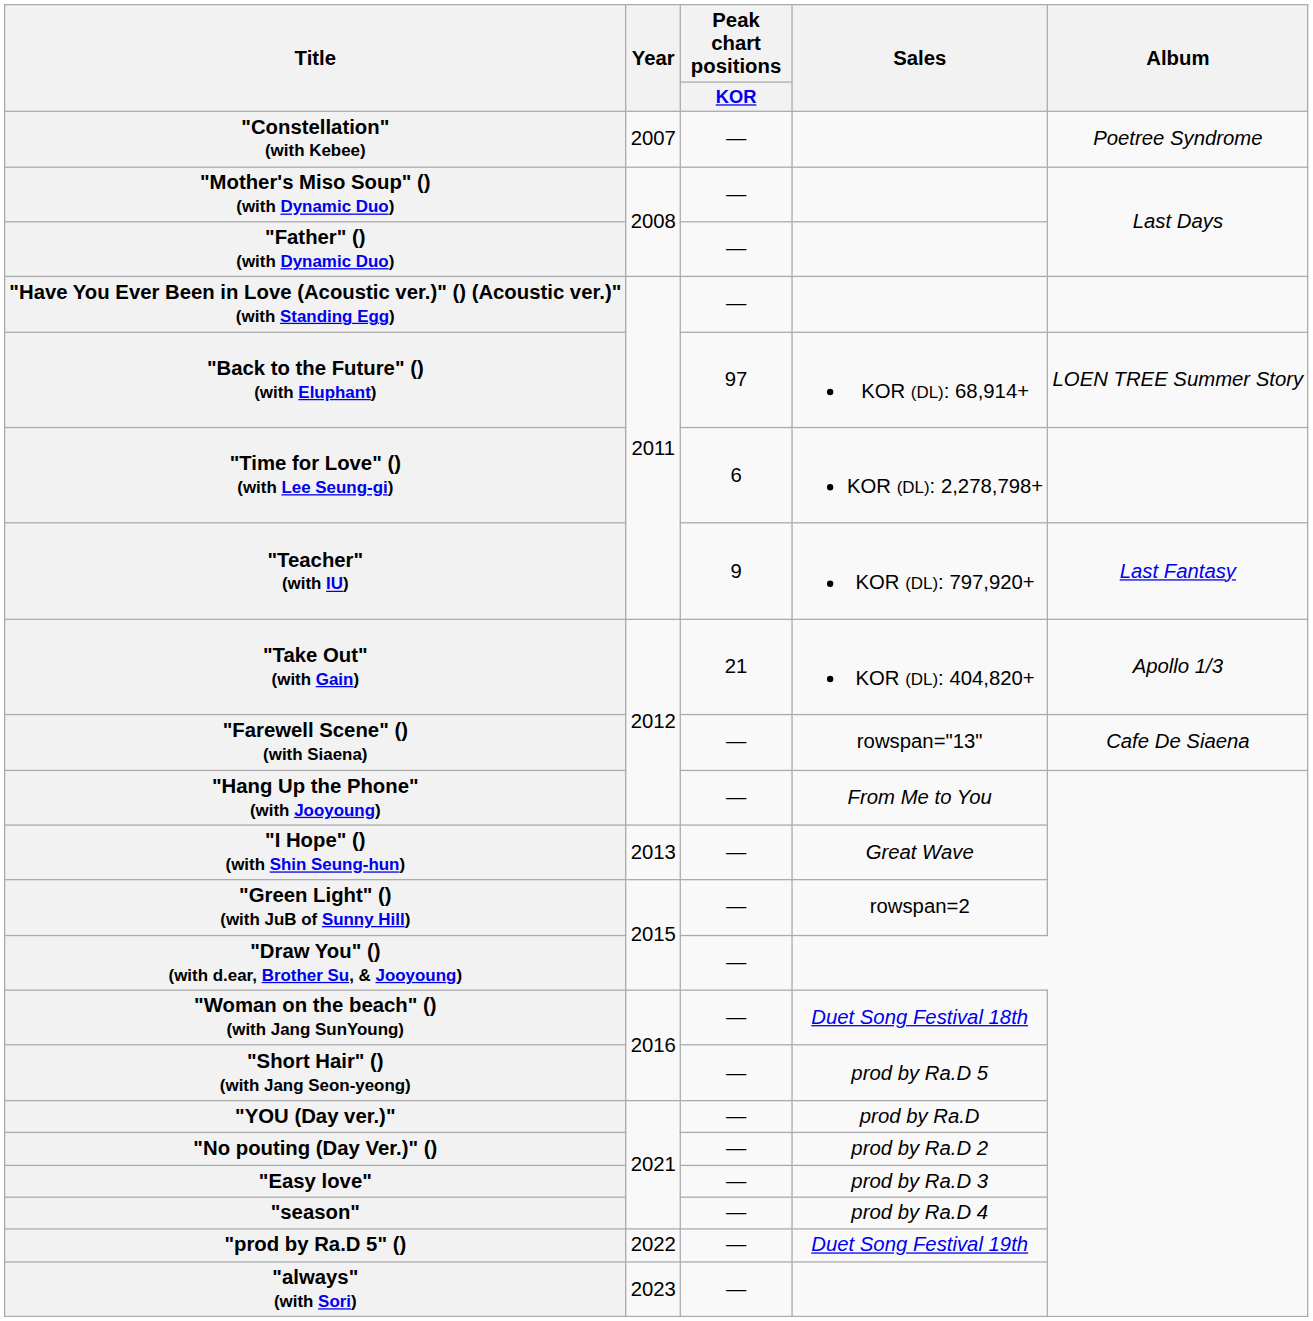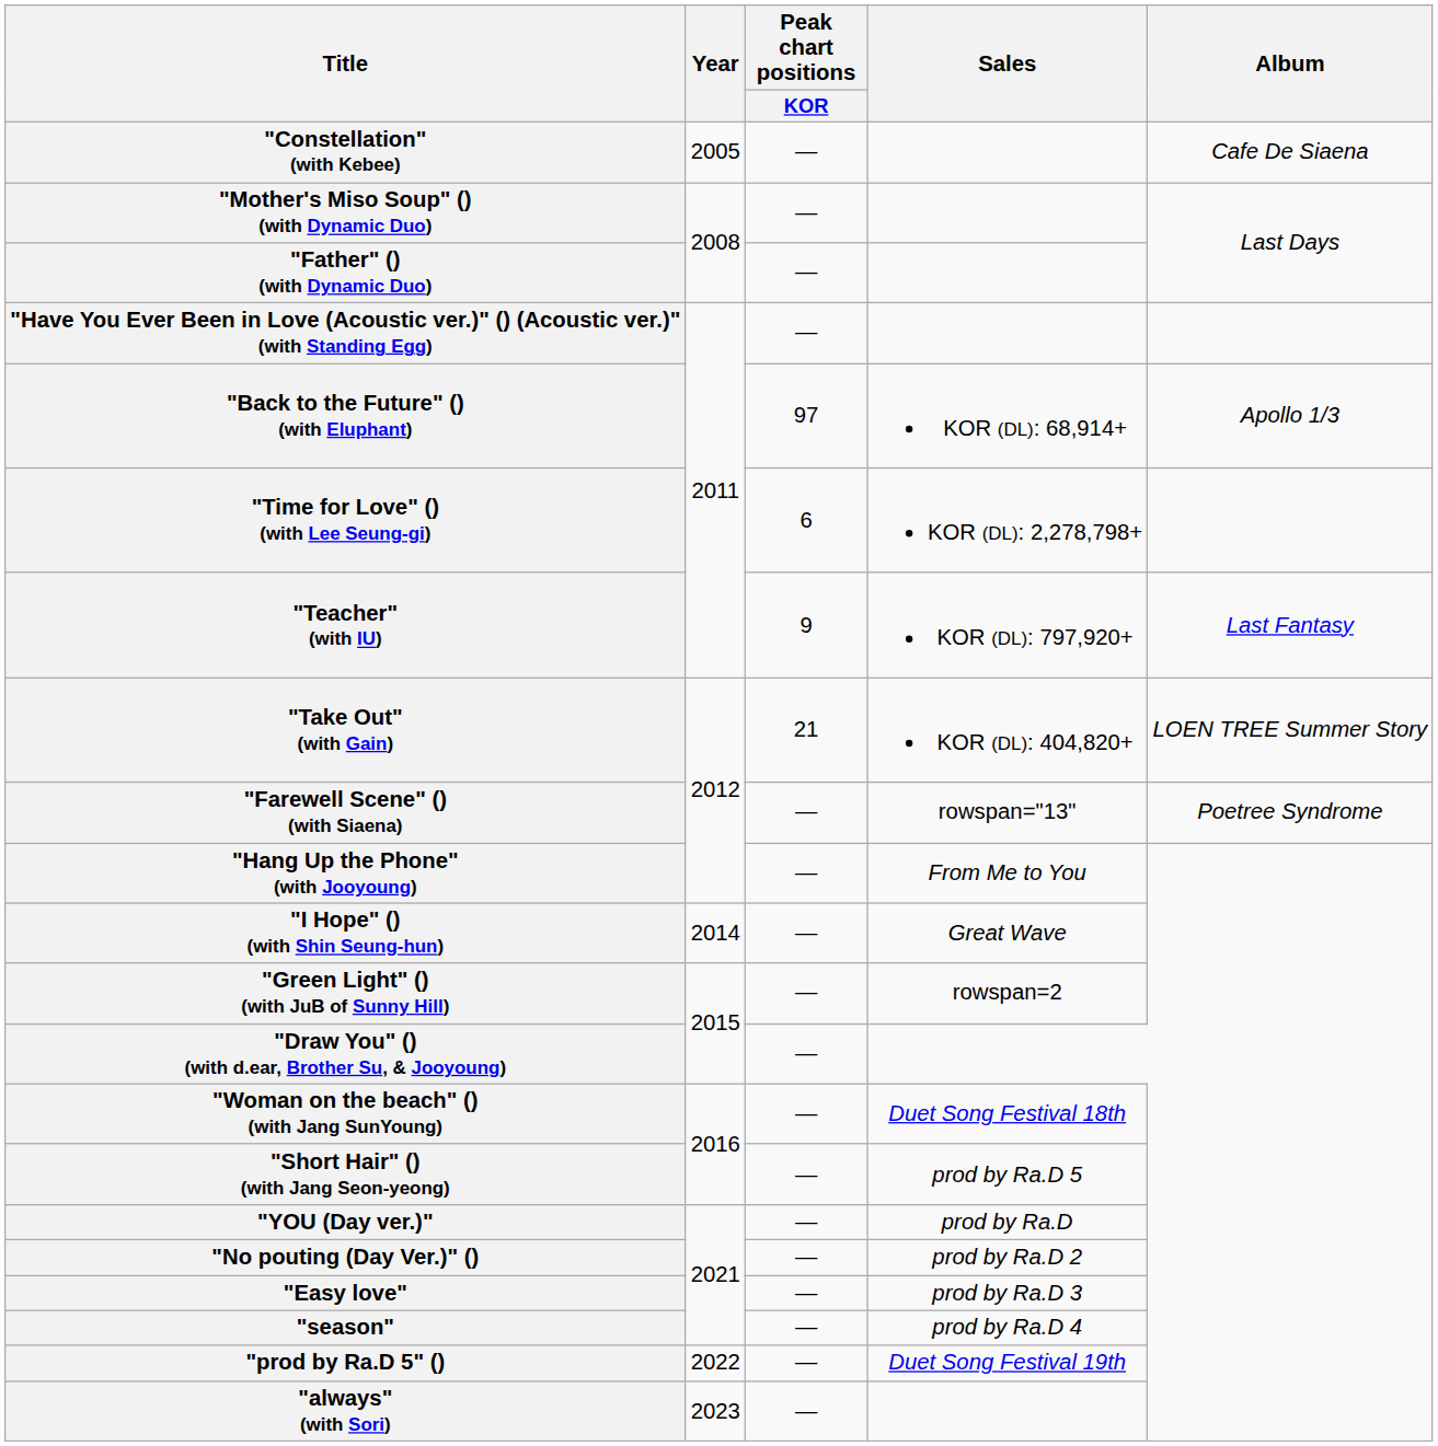 <table class="wikitable plainrowheaders" style="text-align:center;">
 <tr>
 <th scope="col" rowspan="2">Title</th>
 <th scope="col" rowspan="2">Year</th>
 <th scope="col" colspan="1" style="width:5em;">Peak chart positions</th>
 <th scope="col" rowspan="2">Sales</th>
 <th scope="col" rowspan="2">Album</th>
 </tr>
 <tr>
 <th scope="col" style="width:3em;font-size:90%;"><a href='#'>KOR</a><br></th>
 </tr>
 <tr>
 <th scope="row">"Constellation"<br><small>(with Kebee)</small></th>
-<td>2007</td>
+<td>2005</td>
 <td>—</td>
 <td></td>
-<td><em>Poetree Syndrome</em></td>
+<td><em>Cafe De Siaena</em></td>
 </tr>
 <tr>
 <th scope="row">"Mother's Miso Soup" () <br><small>(with <a href='#'>Dynamic Duo</a>)</small></th>
 <td rowspan="2">2008</td>
 <td>—</td>
 <td></td>
 <td rowspan="2"><em>Last Days</em></td>
 </tr>
 <tr>
 <th scope="row">"Father" () <br><small>(with <a href='#'>Dynamic Duo</a>)</small></th>
 <td>—</td>
 <td></td>
 </tr>
 <tr>
 <th scope="row">"Have You Ever Been in Love (Acoustic ver.)" () (Acoustic ver.)" <br><small>(with <a href='#'>Standing Egg</a>)</small></th>
 <td rowspan="4">2011</td>
 <td>—</td>
 <td></td>
 <td></td>
 </tr>
 <tr>
 <th scope="row">"Back to the Future" () <br><small>(with <a href='#'>Eluphant</a>)</small></th>
 <td>97</td>
 <td><br><ul><li>KOR <small>(DL)</small>: 68,914+</li></ul></td>
-<td><em>LOEN TREE Summer Story</em></td>
+<td><em>Apollo 1/3</em></td>
 </tr>
 <tr>
 <th scope="row">"Time for Love" () <br><small>(with <a href='#'>Lee Seung-gi</a>)</small></th>
 <td>6</td>
 <td><br><ul><li>KOR <small>(DL)</small>: 2,278,798+</li></ul></td>
 <td></td>
 </tr>
 <tr>
 <th scope="row">"Teacher" <br><small>(with <a href='#'>IU</a>)</small></th>
 <td>9</td>
 <td><br><ul><li>KOR <small>(DL)</small>: 797,920+</li></ul></td>
 <td><em><a href='#'>Last Fantasy</a></em></td>
 </tr>
 <tr>
 <th scope="row">"Take Out" <br><small>(with <a href='#'>Gain</a>)</small></th>
 <td rowspan=3>2012</td>
 <td>21</td>
 <td><br><ul><li>KOR <small>(DL)</small>: 404,820+</li></ul></td>
-<td><em>Apollo 1/3</em></td>
+<td><em>LOEN TREE Summer Story</em></td>
 </tr>
 <tr>
 <th scope="row">"Farewell Scene" () <br><small>(with Siaena)</small></th>
 <td>—</td>
 <td>rowspan="13" </td>
-<td><em>Cafe De Siaena</em></td>
+<td><em>Poetree Syndrome</em></td>
 </tr>
 <tr>
 <th scope="row">"Hang Up the Phone" <br><small>(with <a href='#'>Jooyoung</a>)</small></th>
 <td>—</td>
 <td><em>From Me to You</em></td>
 </tr>
 <tr>
 <th scope="row">"I Hope" () <br><small>(with <a href='#'>Shin Seung-hun</a>)</small></th>
-<td>2013</td>
+<td>2014</td>
 <td>—</td>
 <td><em>Great Wave</em></td>
 </tr>
 <tr>
 <th scope="row">"Green Light" () <br><small>(with JuB of <a href='#'>Sunny Hill</a>)</small></th>
 <td rowspan=2>2015</td>
 <td>—</td>
 <td>rowspan=2 </td>
 </tr>
 <tr>
 <th scope="row">"Draw You" () <br><small>(with d.ear, <a href='#'>Brother Su</a>, & <a href='#'>Jooyoung</a>)</small></th>
 <td>—</td>
 </tr>
 <tr>
 <th scope="row">"Woman on the beach" () <br><small>(with Jang SunYoung)</small></th>
 <td rowspan="2">2016</td>
 <td>—</td>
 <td><em><a href='#'>Duet Song Festival 18th</a></em></td>
 </tr>
 <tr>
 <th scope="row">"Short Hair" () <br><small>(with Jang Seon-yeong)</small></th>
 <td>—</td>
 <td><em>prod by Ra.D 5</em></td>
 </tr>
 <tr>
 <th scope="row">"YOU (Day ver.)"<br></th>
 <td rowspan="4">2021</td>
 <td>—</td>
 <td><em>prod by Ra.D</em></td>
 </tr>
 <tr>
 <th scope="row">"No pouting (Day Ver.)" ()<br></th>
 <td>—</td>
 <td><em>prod by Ra.D 2</em></td>
 </tr>
 <tr>
 <th scope="row">"Easy love" <br></th>
 <td>—</td>
 <td><em>prod by Ra.D 3</em></td>
 </tr>
 <tr>
 <th scope="row">"season"<br></th>
 <td>—</td>
 <td><em>prod by Ra.D 4</em></td>
 </tr>
 <tr>
 <th scope="row">"prod by Ra.D 5" ()<br></th>
 <td>2022</td>
 <td>—</td>
 <td><em><a href='#'>Duet Song Festival 19th</a></em></td>
 </tr>
 <tr>
 <th scope="row">"always"<br><small>(with <a href='#'>Sori</a>)</small></th>
 <td>2023</td>
 <td>—</td>
 <td></td>
 </tr>
 <tr>
 </tr>
 </table>
